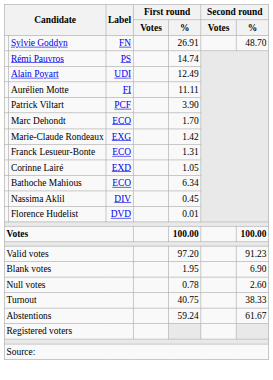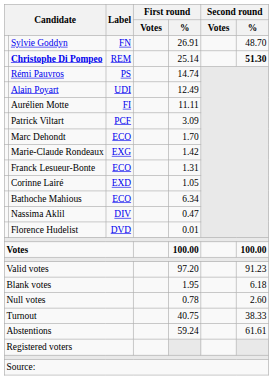 <table class="wikitable" style="text-align:right;font-size:95%;">
 <tr>
 <th rowspan="2" colspan="2">Candidate</th>
 <th rowspan="2">Label</th>
 <th colspan="2">First round</th>
 <th colspan="2">Second round</th>
 </tr>
 <tr>
 <th style="width:50px;">Votes</th>
 <th style="width:45px;">%</th>
 <th style="width:50px;">Votes</th>
 <th style="width:45px;">%</th>
 </tr>
 <tr>
 <td style="color:inherit;background:"></td>
 <td style="text-align:left;"><a href='#'>Sylvie Goddyn</a></td>
 <td><a href='#'>FN</a></td>
 <td></td>
 <td>26.91</td>
 <td></td>
 <td>48.70</td>
+</tr>
+<tr>
+<td style="color:inherit;background:"></td>
+<td style="text-align:left;"><strong><a href='#'>Christophe Di Pompeo</a></strong></td>
+<td><a href='#'>REM</a></td>
+<td></td>
+<td>25.14</td>
+<td><strong></strong></td>
+<td><strong>51.30</strong></td>
 </tr>
 <tr>
 <td style="color:inherit;background:"></td>
 <td style="text-align:left;"><a href='#'>Rémi Pauvros</a></td>
 <td><a href='#'>PS</a></td>
 <td></td>
 <td>14.74</td>
 <td colspan="2" rowspan="11" style="background:#E9E9E9;"></td>
 </tr>
 <tr>
 <td style="color:inherit;background:"></td>
 <td style="text-align:left;"><a href='#'>Alain Poyart</a></td>
 <td><a href='#'>UDI</a></td>
 <td></td>
 <td>12.49</td>
 </tr>
 <tr>
 <td style="color:inherit;background:"></td>
 <td style="text-align:left;">Aurélien Motte</td>
 <td><a href='#'>FI</a></td>
 <td></td>
 <td>11.11</td>
 </tr>
 <tr>
 <td style="color:inherit;background:"></td>
 <td style="text-align:left;">Patrick Viltart</td>
 <td><a href='#'>PCF</a></td>
 <td></td>
-<td>3.90</td>
+<td>3.09</td>
 </tr>
 <tr>
 <td style="color:inherit;background:"></td>
 <td style="text-align:left;">Marc Dehondt</td>
 <td><a href='#'>ECO</a></td>
 <td></td>
 <td>1.70</td>
 </tr>
 <tr>
 <td style="color:inherit;background:"></td>
 <td style="text-align:left;">Marie-Claude Rondeaux</td>
 <td><a href='#'>EXG</a></td>
 <td></td>
 <td>1.42</td>
 </tr>
 <tr>
 <td style="color:inherit;background:"></td>
 <td style="text-align:left;">Franck Lesueur-Bonte</td>
 <td><a href='#'>ECO</a></td>
 <td></td>
 <td>1.31</td>
 </tr>
 <tr>
 <td style="color:inherit;background:"></td>
 <td style="text-align:left;">Corinne Lairé</td>
 <td><a href='#'>EXD</a></td>
 <td></td>
 <td>1.05</td>
 </tr>
 <tr>
 <td style="color:inherit;background:"></td>
 <td style="text-align:left;">Bathoche Mahious</td>
 <td><a href='#'>ECO</a></td>
 <td></td>
 <td>6.34</td>
 </tr>
 <tr>
 <td style="color:inherit;background:"></td>
 <td style="text-align:left;">Nassima Aklil</td>
 <td><a href='#'>DIV</a></td>
 <td></td>
-<td>0.45</td>
+<td>0.47</td>
 </tr>
 <tr>
 <td style="color:inherit;background:"></td>
 <td style="text-align:left;">Florence Hudelist</td>
 <td><a href='#'>DVD</a></td>
 <td></td>
 <td>0.01</td>
 </tr>
 <tr>
 <td colspan="7" style="background:#E9E9E9;"></td>
 </tr>
 <tr style="font-weight:bold;">
 <td colspan="3" style="text-align:left;">Votes</td>
 <td></td>
 <td>100.00</td>
 <td></td>
 <td>100.00</td>
 </tr>
 <tr>
 <td colspan="7" style="background:#E9E9E9;"></td>
 </tr>
 <tr>
 <td colspan="3" style="text-align:left;">Valid votes</td>
 <td></td>
 <td>97.20</td>
 <td></td>
 <td>91.23</td>
 </tr>
 <tr>
 <td colspan="3" style="text-align:left;">Blank votes</td>
 <td></td>
 <td>1.95</td>
 <td></td>
-<td>6.90</td>
+<td>6.18</td>
 </tr>
 <tr>
 <td colspan="3" style="text-align:left;">Null votes</td>
 <td></td>
 <td>0.78</td>
 <td></td>
 <td>2.60</td>
 </tr>
 <tr>
 <td colspan="3" style="text-align:left;">Turnout</td>
 <td></td>
 <td>40.75</td>
 <td></td>
 <td>38.33</td>
 </tr>
 <tr>
 <td colspan="3" style="text-align:left;">Abstentions</td>
 <td></td>
 <td>59.24</td>
 <td></td>
-<td>61.67</td>
+<td>61.61</td>
 </tr>
 <tr>
 <td colspan="3" style="text-align:left;">Registered voters</td>
 <td></td>
 <td style="background:#E9E9E9;"></td>
 <td></td>
 <td style="background:#E9E9E9;"></td>
 </tr>
 <tr>
 <td colspan="7" style="background:#E9E9E9;"></td>
 </tr>
 <tr>
 <td colspan="7" style="text-align:left;">Source: </td>
 </tr>
 </table>
